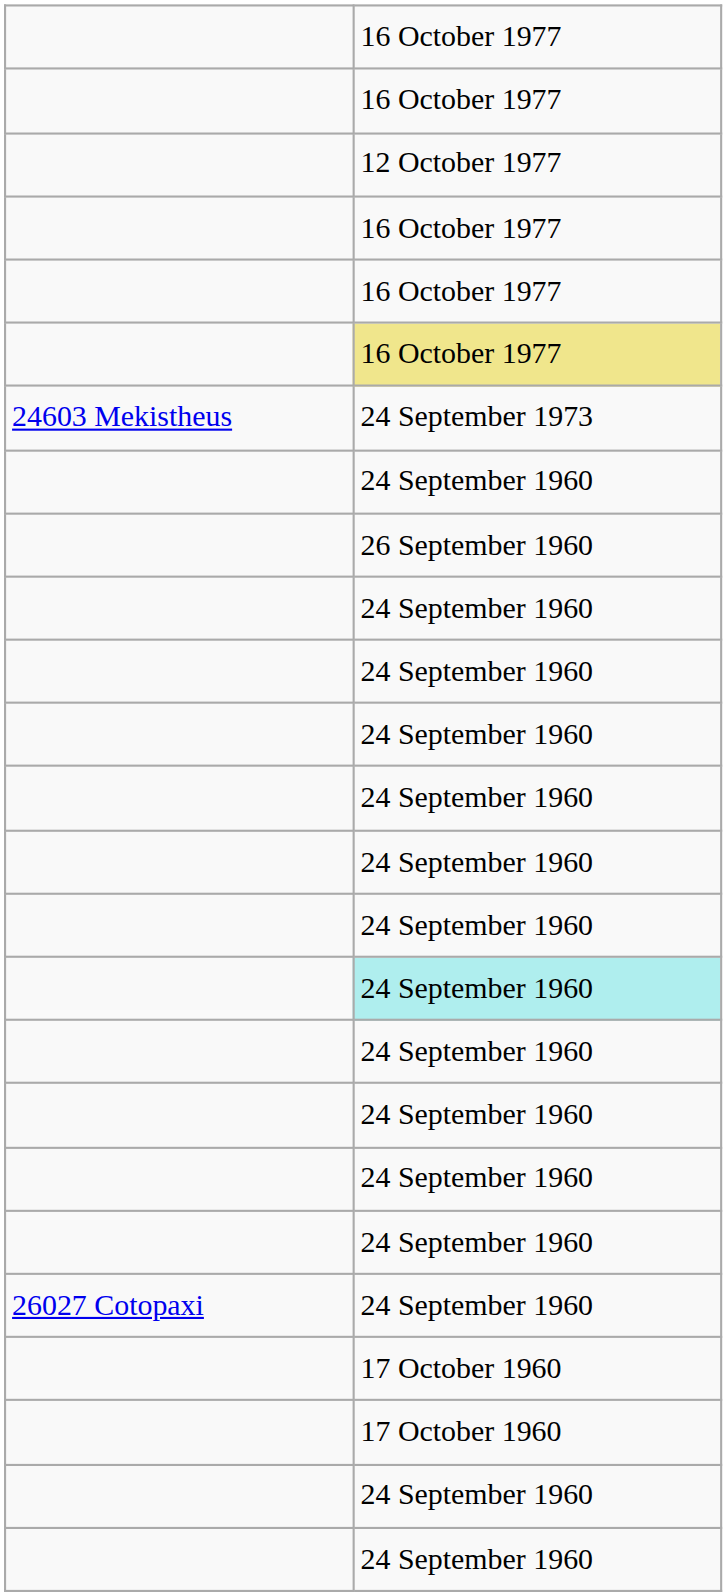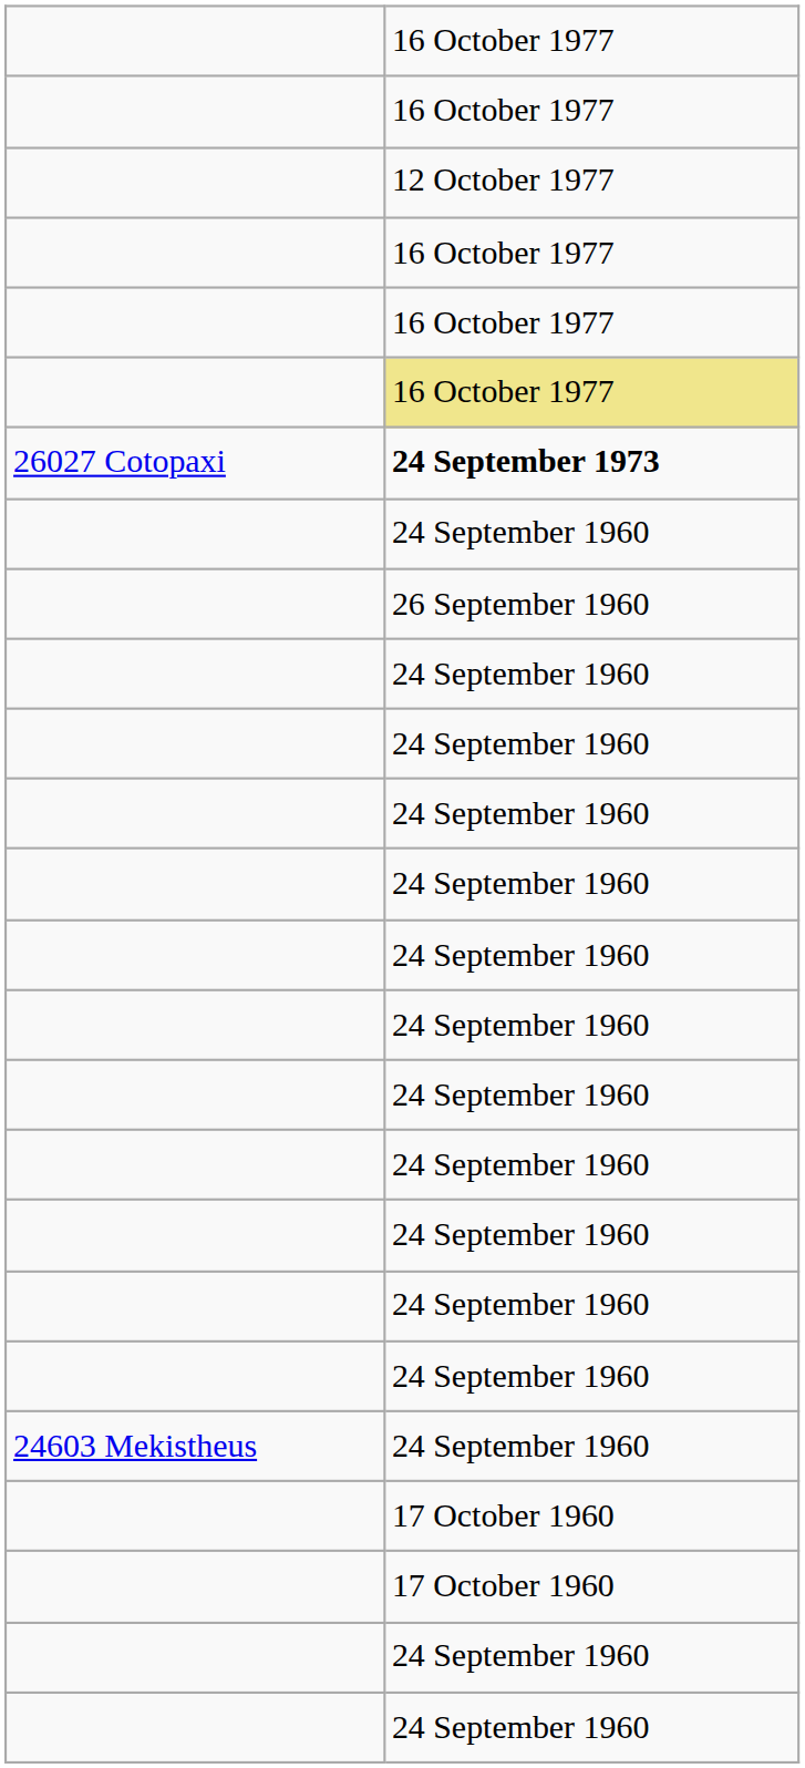 <table class="wikitable" style="font-size: 89%; float: left; width: 24em; margin-right: 1em; line-height: 1.65em">
 <tr>
 <td></td>
 <td>16 October 1977</td>
 </tr>
 <tr>
 <td></td>
 <td>16 October 1977</td>
 </tr>
 <tr>
 <td></td>
 <td>12 October 1977</td>
 </tr>
 <tr>
 <td></td>
 <td>16 October 1977</td>
 </tr>
 <tr>
 <td></td>
 <td>16 October 1977</td>
 </tr>
 <tr>
 <td></td>
 <td style="background: khaki;">16 October 1977</td>
 </tr>
 <tr>
-<td><a href='#'>24603 Mekistheus</a></td>
-<td>24 September 1973</td>
+<td><a href='#'>26027 Cotopaxi</a></td>
+<td><strong>24 September 1973</strong></td>
 </tr>
 <tr>
 <td></td>
 <td>24 September 1960</td>
 </tr>
 <tr>
 <td></td>
 <td>26 September 1960</td>
 </tr>
 <tr>
 <td></td>
 <td>24 September 1960</td>
 </tr>
 <tr>
 <td></td>
 <td>24 September 1960</td>
 </tr>
 <tr>
 <td></td>
 <td>24 September 1960</td>
 </tr>
 <tr>
 <td></td>
 <td>24 September 1960</td>
 </tr>
 <tr>
 <td></td>
 <td>24 September 1960</td>
 </tr>
 <tr>
 <td></td>
 <td>24 September 1960</td>
 </tr>
 <tr>
 <td></td>
-<td style="background: paleturquoise;">24 September 1960</td>
+<td>24 September 1960</td>
 </tr>
 <tr>
 <td></td>
 <td>24 September 1960</td>
 </tr>
 <tr>
 <td></td>
 <td>24 September 1960</td>
 </tr>
 <tr>
 <td></td>
 <td>24 September 1960</td>
 </tr>
 <tr>
 <td></td>
 <td>24 September 1960</td>
 </tr>
 <tr>
-<td><a href='#'>26027 Cotopaxi</a></td>
+<td><a href='#'>24603 Mekistheus</a></td>
 <td>24 September 1960</td>
 </tr>
 <tr>
 <td></td>
 <td>17 October 1960</td>
 </tr>
 <tr>
 <td></td>
 <td>17 October 1960</td>
 </tr>
 <tr>
 <td></td>
 <td>24 September 1960</td>
 </tr>
 <tr>
 <td></td>
 <td>24 September 1960</td>
 </tr>
 </table>
